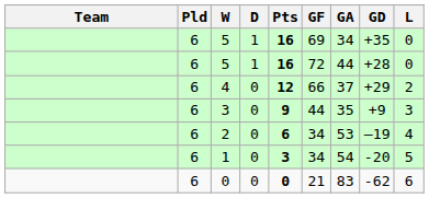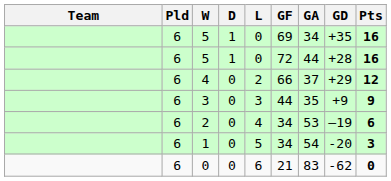 <table class="wikitable" style="text-align:center;">
 <tr>
 <th width=150>Team</th>
 <th width=20>Pld</th>
 <th width=20>W</th>
 <th width=20>D</th>
-<th width=20>Pts</th>
+<th width=20>L</th>
 <th width=20>GF</th>
 <th width=20>GA</th>
 <th width=25>GD</th>
-<th width=20>L</th>
+<th width=20>Pts</th>
 </tr>
 <tr bgcolor=#ccffcc>
 <td align="left"></td>
 <td>6</td>
 <td>5</td>
 <td>1</td>
-<td><strong>16</strong></td>
+<td>0</td>
 <td>69</td>
 <td>34</td>
 <td>+35</td>
-<td>0</td>
+<td><strong>16</strong></td>
 </tr>
 <tr bgcolor=#ccffcc>
 <td align="left"></td>
 <td>6</td>
 <td>5</td>
 <td>1</td>
-<td><strong>16</strong></td>
+<td>0</td>
 <td>72</td>
 <td>44</td>
 <td>+28</td>
-<td>0</td>
+<td><strong>16</strong></td>
 </tr>
 <tr bgcolor=#ccffcc>
 <td align="left"></td>
 <td>6</td>
 <td>4</td>
 <td>0</td>
-<td><strong>12</strong></td>
+<td>2</td>
 <td>66</td>
 <td>37</td>
 <td>+29</td>
-<td>2</td>
+<td><strong>12</strong></td>
 </tr>
 <tr bgcolor=#ccffcc>
 <td align="left"></td>
 <td>6</td>
 <td>3</td>
 <td>0</td>
-<td><strong>9</strong></td>
+<td>3</td>
 <td>44</td>
 <td>35</td>
 <td>+9</td>
-<td>3</td>
+<td><strong>9</strong></td>
 </tr>
 <tr bgcolor=#ccffcc>
 <td align="left"></td>
 <td>6</td>
 <td>2</td>
 <td>0</td>
-<td><strong>6</strong></td>
+<td>4</td>
 <td>34</td>
 <td>53</td>
 <td>–19</td>
-<td>4</td>
+<td><strong>6</strong></td>
 </tr>
 <tr bgcolor=#ccffcc>
 <td align="left"></td>
 <td>6</td>
 <td>1</td>
 <td>0</td>
-<td><strong>3</strong></td>
+<td>5</td>
 <td>34</td>
 <td>54</td>
 <td>-20</td>
-<td>5</td>
+<td><strong>3</strong></td>
 </tr>
 <tr>
 <td align="left"></td>
 <td>6</td>
 <td>0</td>
 <td>0</td>
-<td><strong>0</strong></td>
+<td>6</td>
 <td>21</td>
 <td>83</td>
 <td>-62</td>
-<td>6</td>
+<td><strong>0</strong></td>
 </tr>
 </table>
